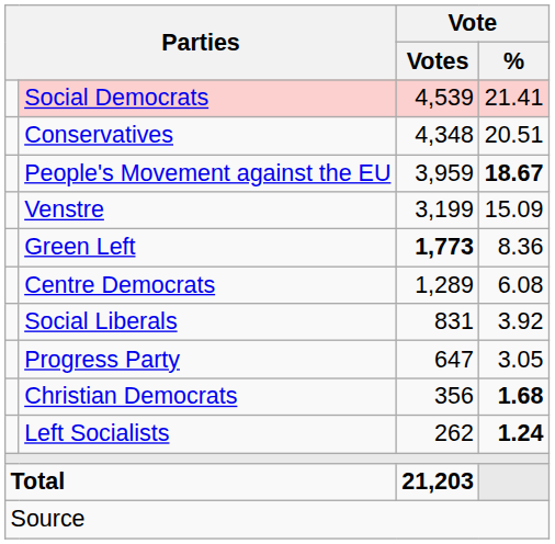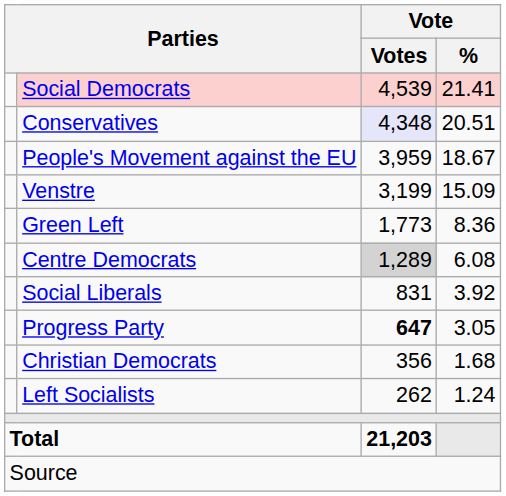 <table class="wikitable" style="text-align:right;">
 <tr>
 <th style="text-align:centre;" rowspan="2" colspan="2" width="225">Parties</th>
 <th colspan="3">Vote</th>
 </tr>
 <tr>
 <th width="15">Votes</th>
 <th width="15">%</th>
 </tr>
 <tr>
 <td width="2" style="color:inherit;background:"></td>
 <td bgcolor=#fbd0ce   align="left"><a href='#'>Social Democrats</a></td>
 <td bgcolor=#fbd0ce>4,539</td>
 <td bgcolor=#fbd0ce>21.41</td>
 </tr>
 <tr>
 <td width="2" style="color:inherit;background:"></td>
 <td align="left"><a href='#'>Conservatives</a></td>
-<td>4,348</td>
+<td style="background: lavender;">4,348</td>
 <td>20.51</td>
 </tr>
 <tr>
 <td width="2" style="color:inherit;background:"></td>
 <td align="left"><a href='#'>People's Movement against the EU</a></td>
 <td>3,959</td>
-<td><strong>18.67</strong></td>
+<td>18.67</td>
 </tr>
 <tr>
 <td width="2" style="color:inherit;background:"></td>
 <td align="left"><a href='#'>Venstre</a></td>
 <td>3,199</td>
 <td>15.09</td>
 </tr>
 <tr>
 <td width="2" style="color:inherit;background:"></td>
 <td align="left"><a href='#'>Green Left</a></td>
-<td><strong>1,773</strong></td>
+<td>1,773</td>
 <td>8.36</td>
 </tr>
 <tr>
 <td width="2" style="color:inherit;background:"></td>
 <td align="left"><a href='#'>Centre Democrats</a></td>
-<td>1,289</td>
+<td style="background: lightgrey;">1,289</td>
 <td>6.08</td>
 </tr>
 <tr>
 <td width="2" style="color:inherit;background:"></td>
 <td align="left"><a href='#'>Social Liberals</a></td>
 <td>831</td>
 <td>3.92</td>
 </tr>
 <tr>
 <td width="2" style="color:inherit;background:"></td>
 <td align="left"><a href='#'>Progress Party</a></td>
-<td>647</td>
+<td><strong>647</strong></td>
 <td>3.05</td>
 </tr>
 <tr>
 <td width="2" style="color:inherit;background:"></td>
 <td align="left"><a href='#'>Christian Democrats</a></td>
 <td>356</td>
-<td><strong>1.68</strong></td>
+<td>1.68</td>
 </tr>
 <tr>
 <td width="2" style="color:inherit;background:"></td>
 <td align="left"><a href='#'>Left Socialists</a></td>
 <td>262</td>
-<td><strong>1.24</strong></td>
+<td>1.24</td>
 </tr>
 <tr>
 <td colspan="7" bgcolor="#E9E9E9"></td>
 </tr>
 <tr>
 <td align="left" colspan="2"><strong>Total</strong></td>
 <td><strong>21,203</strong></td>
 <td bgcolor="#E9E9E9" colspan="2"></td>
 </tr>
 <tr>
 <td align="left" colspan="6">Source</td>
 </tr>
 </table>
